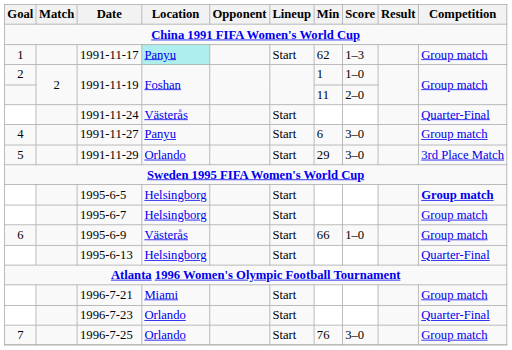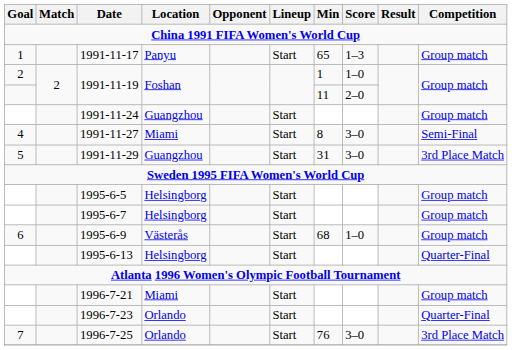 <table class="wikitable collapsible" style="fontsize:90%;">
 <tr>
 <th>Goal</th>
 <th>Match</th>
 <th>Date</th>
 <th>Location</th>
 <th>Opponent</th>
 <th>Lineup</th>
 <th>Min</th>
 <th>Score</th>
 <th>Result</th>
 <th>Competition</th>
 </tr>
 <tr>
 <td colspan=10 align=center > <strong><a href='#'>China 1991 FIFA Women's World Cup</a></strong></td>
 </tr>
 <tr>
 <td align=center>1</td>
 <td></td>
 <td>1991-11-17</td>
-<td style="background: paleturquoise;"><a href='#'>Panyu</a></td>
+<td><a href='#'>Panyu</a></td>
 <td></td>
 <td>Start</td>
-<td>62</td>
+<td>65</td>
 <td>1–3</td>
 <td></td>
 <td><a href='#'>Group match</a></td>
 </tr>
 <tr>
 <td align=center>2</td>
 <td align=center rowspan=2>2</td>
 <td rowspan=2>1991-11-19</td>
 <td rowspan=2><a href='#'>Foshan</a></td>
 <td rowspan=2></td>
 <td rowspan=2></td>
 <td>1</td>
 <td>1–0</td>
 <td rowspan=2></td>
 <td rowspan=2 ><a href='#'>Group match</a></td>
 </tr>
 <tr>
 <td></td>
 <td>11</td>
 <td>2–0</td>
 </tr>
 <tr>
 <td style="background:white;"></td>
 <td></td>
 <td>1991-11-24</td>
-<td><a href='#'>Västerås</a></td>
+<td><a href='#'>Guangzhou</a></td>
 <td></td>
 <td>Start</td>
 <td style="background:white;"></td>
 <td style="background:white;"></td>
 <td></td>
-<td><a href='#'>Quarter-Final</a></td>
+<td><a href='#'>Group match</a></td>
 </tr>
 <tr>
 <td align=center>4</td>
 <td></td>
 <td>1991-11-27</td>
-<td><a href='#'>Panyu</a></td>
+<td><a href='#'>Miami</a></td>
 <td></td>
 <td>Start</td>
-<td>6</td>
+<td>8</td>
 <td>3–0</td>
 <td></td>
-<td><a href='#'>Group match</a></td>
+<td><a href='#'>Semi-Final</a></td>
 </tr>
 <tr>
 <td align=center>5</td>
 <td></td>
 <td>1991-11-29</td>
-<td><a href='#'>Orlando</a></td>
+<td><a href='#'>Guangzhou</a></td>
 <td></td>
 <td>Start</td>
-<td>29</td>
+<td>31</td>
 <td>3–0</td>
 <td></td>
 <td><a href='#'>3rd Place Match</a></td>
 </tr>
 <tr>
 <td colspan=10 align=center > <strong><a href='#'>Sweden 1995 FIFA Women's World Cup</a></strong></td>
 </tr>
 <tr>
 <td style="background:white;"></td>
 <td></td>
 <td>1995-6-5</td>
 <td><a href='#'>Helsingborg</a></td>
 <td></td>
 <td>Start</td>
 <td style="background:white;"></td>
 <td style="background:white;"></td>
 <td></td>
-<td><strong><a href='#'>Group match</a></strong></td>
+<td><a href='#'>Group match</a></td>
 </tr>
 <tr>
 <td style="background:white;"></td>
 <td></td>
 <td>1995-6-7</td>
 <td><a href='#'>Helsingborg</a></td>
 <td></td>
 <td>Start</td>
 <td style="background:white;"></td>
 <td style="background:white;"></td>
 <td></td>
 <td><a href='#'>Group match</a></td>
 </tr>
 <tr>
 <td align=center>6</td>
 <td></td>
 <td>1995-6-9</td>
 <td><a href='#'>Västerås</a></td>
 <td></td>
 <td>Start</td>
-<td>66</td>
+<td>68</td>
 <td>1–0</td>
 <td></td>
 <td><a href='#'>Group match</a></td>
 </tr>
 <tr>
 <td style="background:white;"></td>
 <td></td>
 <td>1995-6-13</td>
 <td><a href='#'>Helsingborg</a></td>
 <td></td>
 <td>Start</td>
 <td style="background:white;"></td>
 <td style="background:white;"></td>
 <td></td>
 <td><a href='#'>Quarter-Final</a></td>
 </tr>
 <tr>
 <td colspan=10 align=center ><strong><a href='#'>Atlanta</a> <a href='#'>1996 Women's Olympic Football Tournament</a></strong></td>
 </tr>
 <tr>
 <td style="background:white;"></td>
 <td></td>
 <td>1996-7-21</td>
 <td><a href='#'>Miami</a></td>
 <td></td>
 <td>Start</td>
 <td style="background:white;"></td>
 <td style="background:white;"></td>
 <td></td>
 <td><a href='#'>Group match</a></td>
 </tr>
 <tr>
 <td style="background:white;"></td>
 <td></td>
 <td>1996-7-23</td>
 <td><a href='#'>Orlando</a></td>
 <td></td>
 <td>Start</td>
 <td style="background:white;"></td>
 <td style="background:white;"></td>
 <td></td>
 <td><a href='#'>Quarter-Final</a></td>
 </tr>
 <tr>
 <td align=center>7</td>
 <td></td>
 <td>1996-7-25</td>
 <td><a href='#'>Orlando</a></td>
 <td></td>
 <td>Start</td>
 <td>76</td>
 <td>3–0</td>
 <td></td>
-<td><a href='#'>Group match</a></td>
+<td><a href='#'>3rd Place Match</a></td>
 </tr>
 <tr>
 </tr>
 </table>
